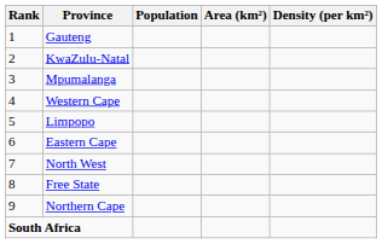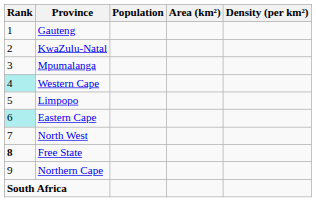 <table class="wikitable sortable">
 <tr>
 <th>Rank</th>
 <th>Province</th>
 <th>Population</th>
 <th>Area (km²)</th>
 <th>Density (per km²)</th>
 </tr>
 <tr>
 <td>1</td>
 <td><a href='#'>Gauteng</a></td>
 <td style="text-align:right"></td>
 <td style="text-align:right"></td>
 <td style="text-align:right"></td>
 </tr>
 <tr>
 <td>2</td>
 <td><a href='#'>KwaZulu-Natal</a></td>
 <td style="text-align:right"></td>
 <td style="text-align:right"></td>
 <td style="text-align:right"></td>
 </tr>
 <tr>
 <td>3</td>
 <td><a href='#'>Mpumalanga</a></td>
 <td style="text-align:right"></td>
 <td style="text-align:right"></td>
 <td style="text-align:right"></td>
 </tr>
 <tr>
-<td>4</td>
+<td style="background: paleturquoise;">4</td>
 <td><a href='#'>Western Cape</a></td>
 <td style="text-align:right"></td>
 <td style="text-align:right"></td>
 <td style="text-align:right"></td>
 </tr>
 <tr>
 <td>5</td>
 <td><a href='#'>Limpopo</a></td>
 <td style="text-align:right"></td>
 <td style="text-align:right"></td>
 <td style="text-align:right"></td>
 </tr>
 <tr>
-<td>6</td>
+<td style="background: paleturquoise;">6</td>
 <td><a href='#'>Eastern Cape</a></td>
 <td style="text-align:right"></td>
 <td style="text-align:right"></td>
 <td style="text-align:right"></td>
 </tr>
 <tr>
 <td>7</td>
 <td><a href='#'>North West</a></td>
 <td style="text-align:right"></td>
 <td style="text-align:right"></td>
 <td style="text-align:right"></td>
 </tr>
 <tr>
-<td>8</td>
+<td><strong>8</strong></td>
 <td><a href='#'>Free State</a></td>
 <td style="text-align:right"></td>
 <td style="text-align:right"></td>
 <td style="text-align:right"></td>
 </tr>
 <tr>
 <td>9</td>
 <td><a href='#'>Northern Cape</a></td>
 <td style="text-align:right"></td>
 <td style="text-align:right"></td>
 <td style="text-align:right"></td>
 </tr>
 <tr>
 <td colspan=2><strong>South Africa</strong></td>
 <td style="text-align:right"></td>
 <td style="text-align:right"></td>
 <td style="text-align:right"></td>
 </tr>
 </table>
